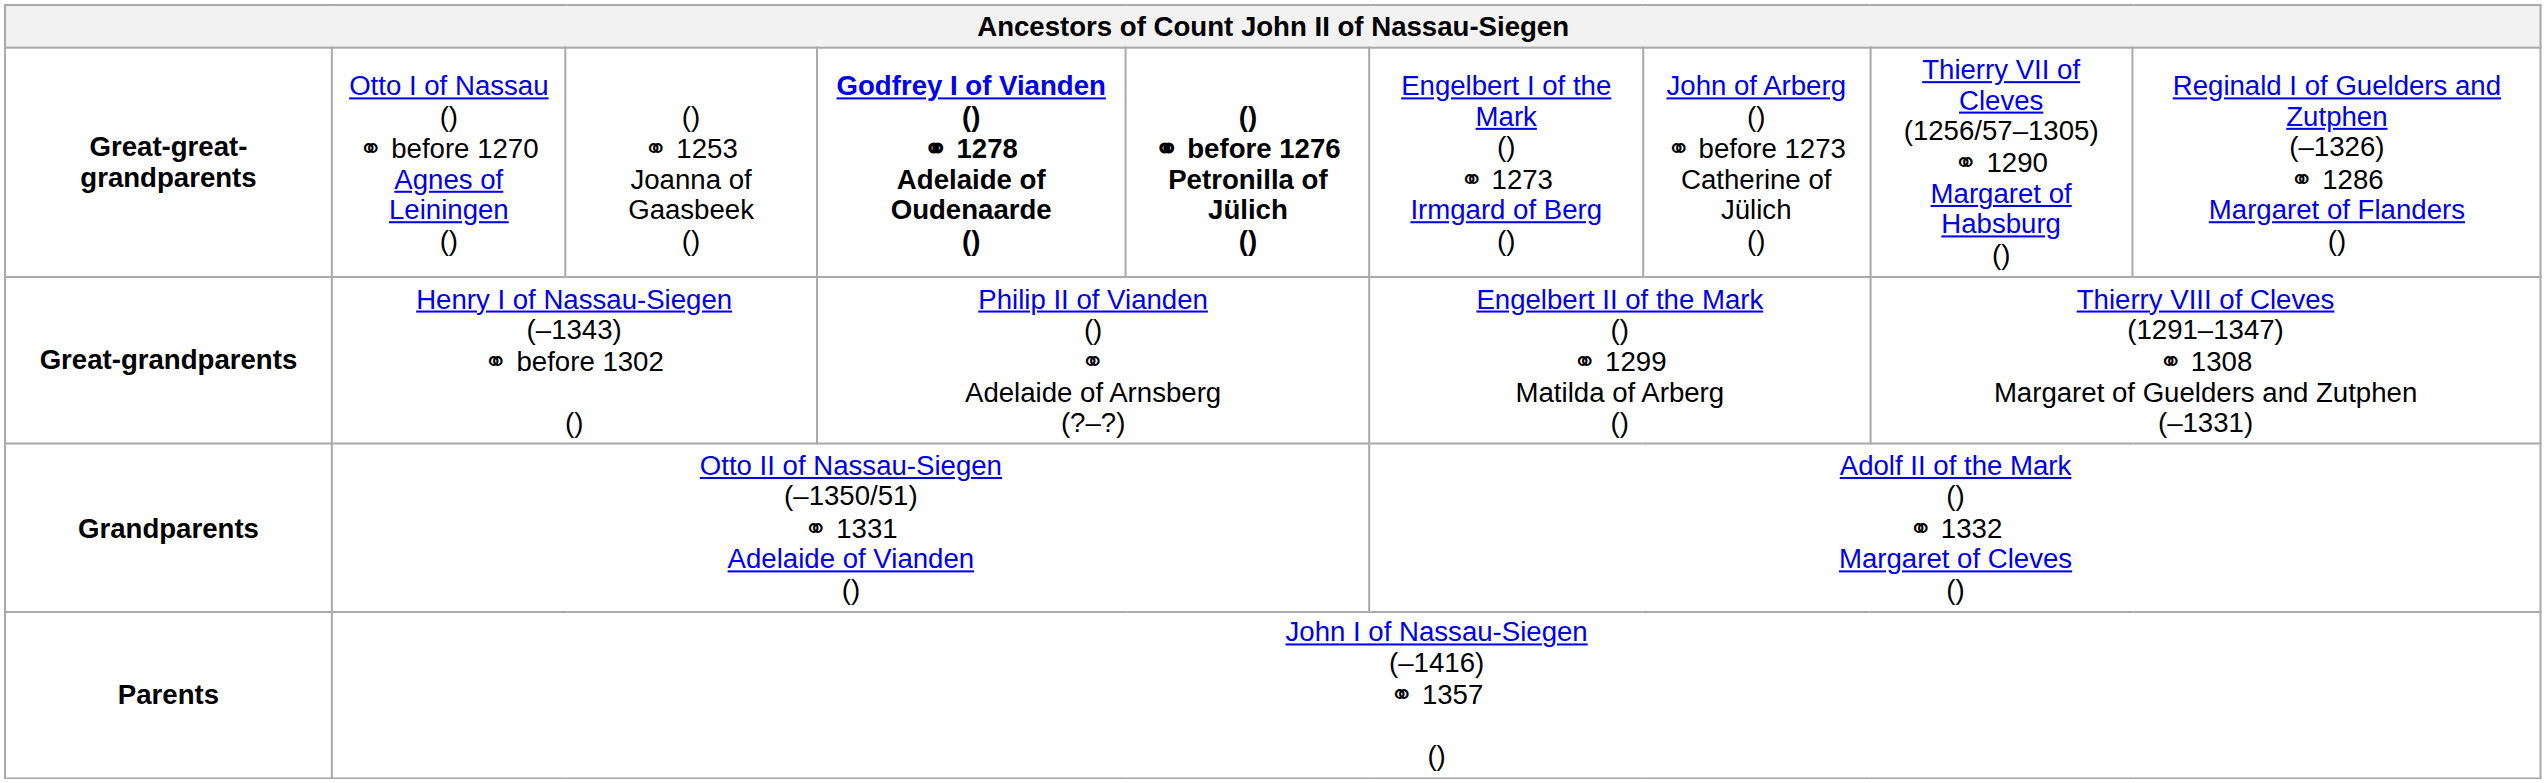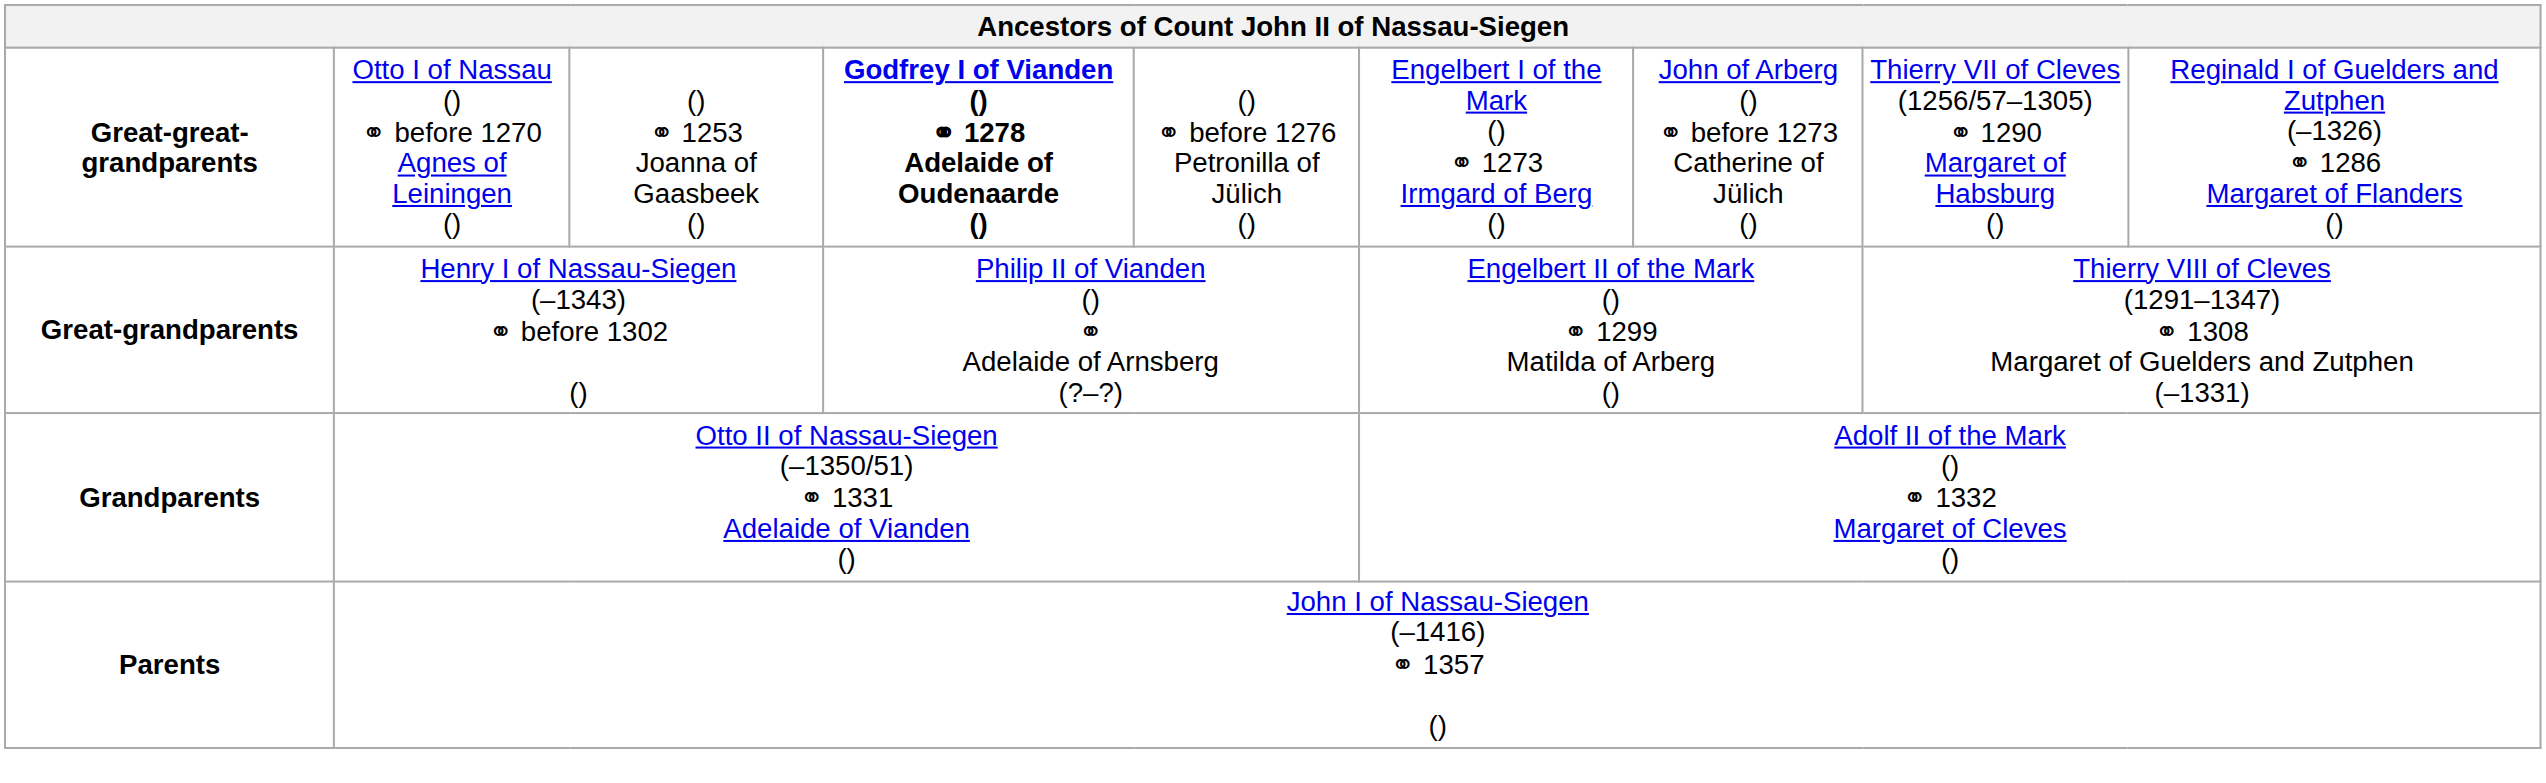 <table class="wikitable" style="background:#FFFFFF; font-size:85%; text-align:center">
 <tr bgcolor="#E0E0E0">
 <th colspan="9">Ancestors of Count John II of Nassau-Siegen</th>
 </tr>
 <tr>
 <td><strong>Great-great-grandparents</strong></td>
 <td colspan="1"><a href='#'>Otto I of Nassau</a><br>()<br>⚭ before 1270<br><a href='#'>Agnes of Leiningen</a><br>()</td>
 <td colspan="1"><br>()<br>⚭ 1253<br>Joanna of Gaasbeek<br>()</td>
 <td colspan="1"><strong><a href='#'>Godfrey I of Vianden</a><br>()<br>⚭ 1278<br>Adelaide of Oudenaarde<br>()</strong></td>
-<td colspan="1"><strong><br>()<br>⚭ before 1276<br>Petronilla of Jülich<br>()</strong></td>
+<td colspan="1"><br>()<br>⚭ before 1276<br>Petronilla of Jülich<br>()</td>
 <td colspan="1"><a href='#'>Engelbert I of the Mark</a><br>()<br>⚭ 1273<br><a href='#'>Irmgard of Berg</a><br>()</td>
 <td colspan="1"><a href='#'>John of Arberg</a><br>()<br>⚭ before 1273<br>Catherine of Jülich<br>()</td>
 <td colspan="1"><a href='#'>Thierry VII of Cleves</a><br>(1256/57–1305)<br>⚭ 1290<br><a href='#'>Margaret of Habsburg</a><br>()</td>
 <td colspan="1"><a href='#'>Reginald I of Guelders and Zutphen</a><br>(–1326)<br>⚭ 1286<br><a href='#'>Margaret of Flanders</a><br>()</td>
 </tr>
 <tr>
 <td><strong>Great-grandparents</strong></td>
 <td colspan="2"><a href='#'>Henry I of Nassau-Siegen</a><br>(–1343)<br>⚭ before 1302<br><br>()</td>
 <td colspan="2"><a href='#'>Philip II of Vianden</a><br>()<br>⚭<br>Adelaide of Arnsberg<br>(?–?)</td>
 <td colspan="2"><a href='#'>Engelbert&nbsp;II of the Mark</a><br>()<br>⚭ 1299<br>Matilda of Arberg<br>()</td>
 <td colspan="2"><a href='#'>Thierry VIII of Cleves</a><br>(1291–1347)<br>⚭ 1308<br>Margaret of Guelders and Zutphen<br>(–1331)</td>
 </tr>
 <tr>
 <td><strong>Grandparents</strong></td>
 <td colspan="4"><a href='#'>Otto II of Nassau-Siegen</a><br>(–1350/51)<br>⚭ 1331<br><a href='#'>Adelaide of Vianden</a><br>()</td>
 <td colspan="4"><a href='#'>Adolf II of the Mark</a><br>()<br>⚭ 1332<br><a href='#'>Margaret of Cleves</a><br>()</td>
 </tr>
 <tr>
 <td><strong>Parents</strong></td>
 <td colspan="8"><a href='#'>John I of Nassau-Siegen</a><br>(–1416)<br>⚭ 1357<br><br>()</td>
 </tr>
 </table>
